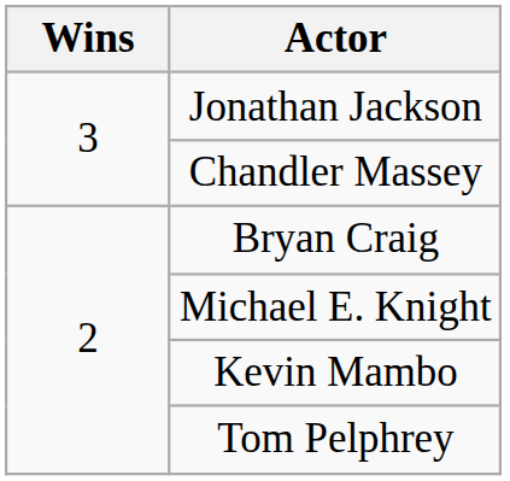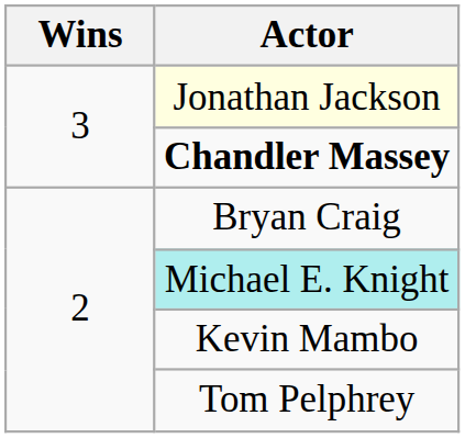 <table class="wikitable" style="text-align: center;">
 <tr>
 <th scope="col" width="55">Wins</th>
 <th scope="col" align="center">Actor</th>
 </tr>
 <tr>
 <td scope="row" rowspan="2">3</td>
-<td>Jonathan Jackson</td>
+<td style="background: lightyellow;">Jonathan Jackson</td>
 </tr>
 <tr>
-<td>Chandler Massey</td>
+<td><strong>Chandler Massey</strong></td>
 </tr>
 <tr>
 <td scope="row" rowspan="4">2</td>
 <td>Bryan Craig</td>
 </tr>
 <tr>
-<td>Michael E. Knight</td>
+<td style="background: paleturquoise;">Michael E. Knight</td>
 </tr>
 <tr>
 <td>Kevin Mambo</td>
 </tr>
 <tr>
 <td>Tom Pelphrey</td>
 </tr>
 </table>
